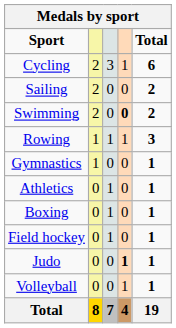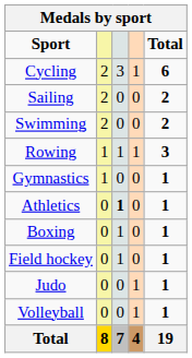 <table class="wikitable" style="font-size:85%">
 <tr style="background:#efefef;">
 <th colspan=5>Medals by sport</th>
 </tr>
 <tr align=center>
 <td><strong>Sport</strong></td>
 <td bgcolor=#f7f6a8></td>
 <td bgcolor=#dce5e5></td>
 <td bgcolor=#ffdab9></td>
 <td><strong>Total</strong></td>
 </tr>
 <tr align=center>
 <td><a href='#'>Cycling</a></td>
 <td style="background:#F7F6A8;">2</td>
 <td style="background:#DCE5E5;">3</td>
 <td style="background:#FFDAB9;">1</td>
 <td><strong>6</strong></td>
 </tr>
 <tr align=center>
 <td><a href='#'>Sailing</a></td>
 <td style="background:#F7F6A8;">2</td>
 <td style="background:#DCE5E5;">0</td>
 <td style="background:#FFDAB9;">0</td>
 <td><strong>2</strong></td>
 </tr>
 <tr align=center>
 <td><a href='#'>Swimming</a></td>
 <td style="background:#F7F6A8;">2</td>
 <td style="background:#DCE5E5;">0</td>
-<td style="background:#FFDAB9;"><strong>0</strong></td>
+<td style="background:#FFDAB9;">0</td>
 <td><strong>2</strong></td>
 </tr>
 <tr align=center>
 <td><a href='#'>Rowing</a></td>
 <td style="background:#F7F6A8;">1</td>
 <td style="background:#DCE5E5;">1</td>
 <td style="background:#FFDAB9;">1</td>
 <td><strong>3</strong></td>
 </tr>
 <tr align=center>
 <td><a href='#'>Gymnastics</a></td>
 <td style="background:#F7F6A8;">1</td>
 <td style="background:#DCE5E5;">0</td>
 <td style="background:#FFDAB9;">0</td>
 <td><strong>1</strong></td>
 </tr>
 <tr align=center>
 <td><a href='#'>Athletics</a></td>
 <td style="background:#F7F6A8;">0</td>
-<td style="background:#DCE5E5;">1</td>
+<td style="background:#DCE5E5;"><strong>1</strong></td>
 <td style="background:#FFDAB9;">0</td>
 <td><strong>1</strong></td>
 </tr>
 <tr align=center>
 <td><a href='#'>Boxing</a></td>
 <td style="background:#F7F6A8;">0</td>
 <td style="background:#DCE5E5;">1</td>
 <td style="background:#FFDAB9;">0</td>
 <td><strong>1</strong></td>
 </tr>
 <tr align=center>
 <td><a href='#'>Field hockey</a></td>
 <td style="background:#F7F6A8;">0</td>
 <td style="background:#DCE5E5;">1</td>
 <td style="background:#FFDAB9;">0</td>
 <td><strong>1</strong></td>
 </tr>
 <tr align=center>
 <td><a href='#'>Judo</a></td>
 <td style="background:#F7F6A8;">0</td>
 <td style="background:#DCE5E5;">0</td>
-<td style="background:#FFDAB9;"><strong>1</strong></td>
+<td style="background:#FFDAB9;">1</td>
 <td><strong>1</strong></td>
 </tr>
 <tr align=center>
 <td><a href='#'>Volleyball</a></td>
 <td style="background:#F7F6A8;">0</td>
 <td style="background:#DCE5E5;">0</td>
 <td style="background:#FFDAB9;">1</td>
 <td><strong>1</strong></td>
 </tr>
 <tr align=center>
 <th>Total</th>
 <th style="background:gold;">8</th>
 <th style="background:silver;">7</th>
 <th style="background:#c96;">4</th>
 <th>19</th>
 </tr>
 </table>
